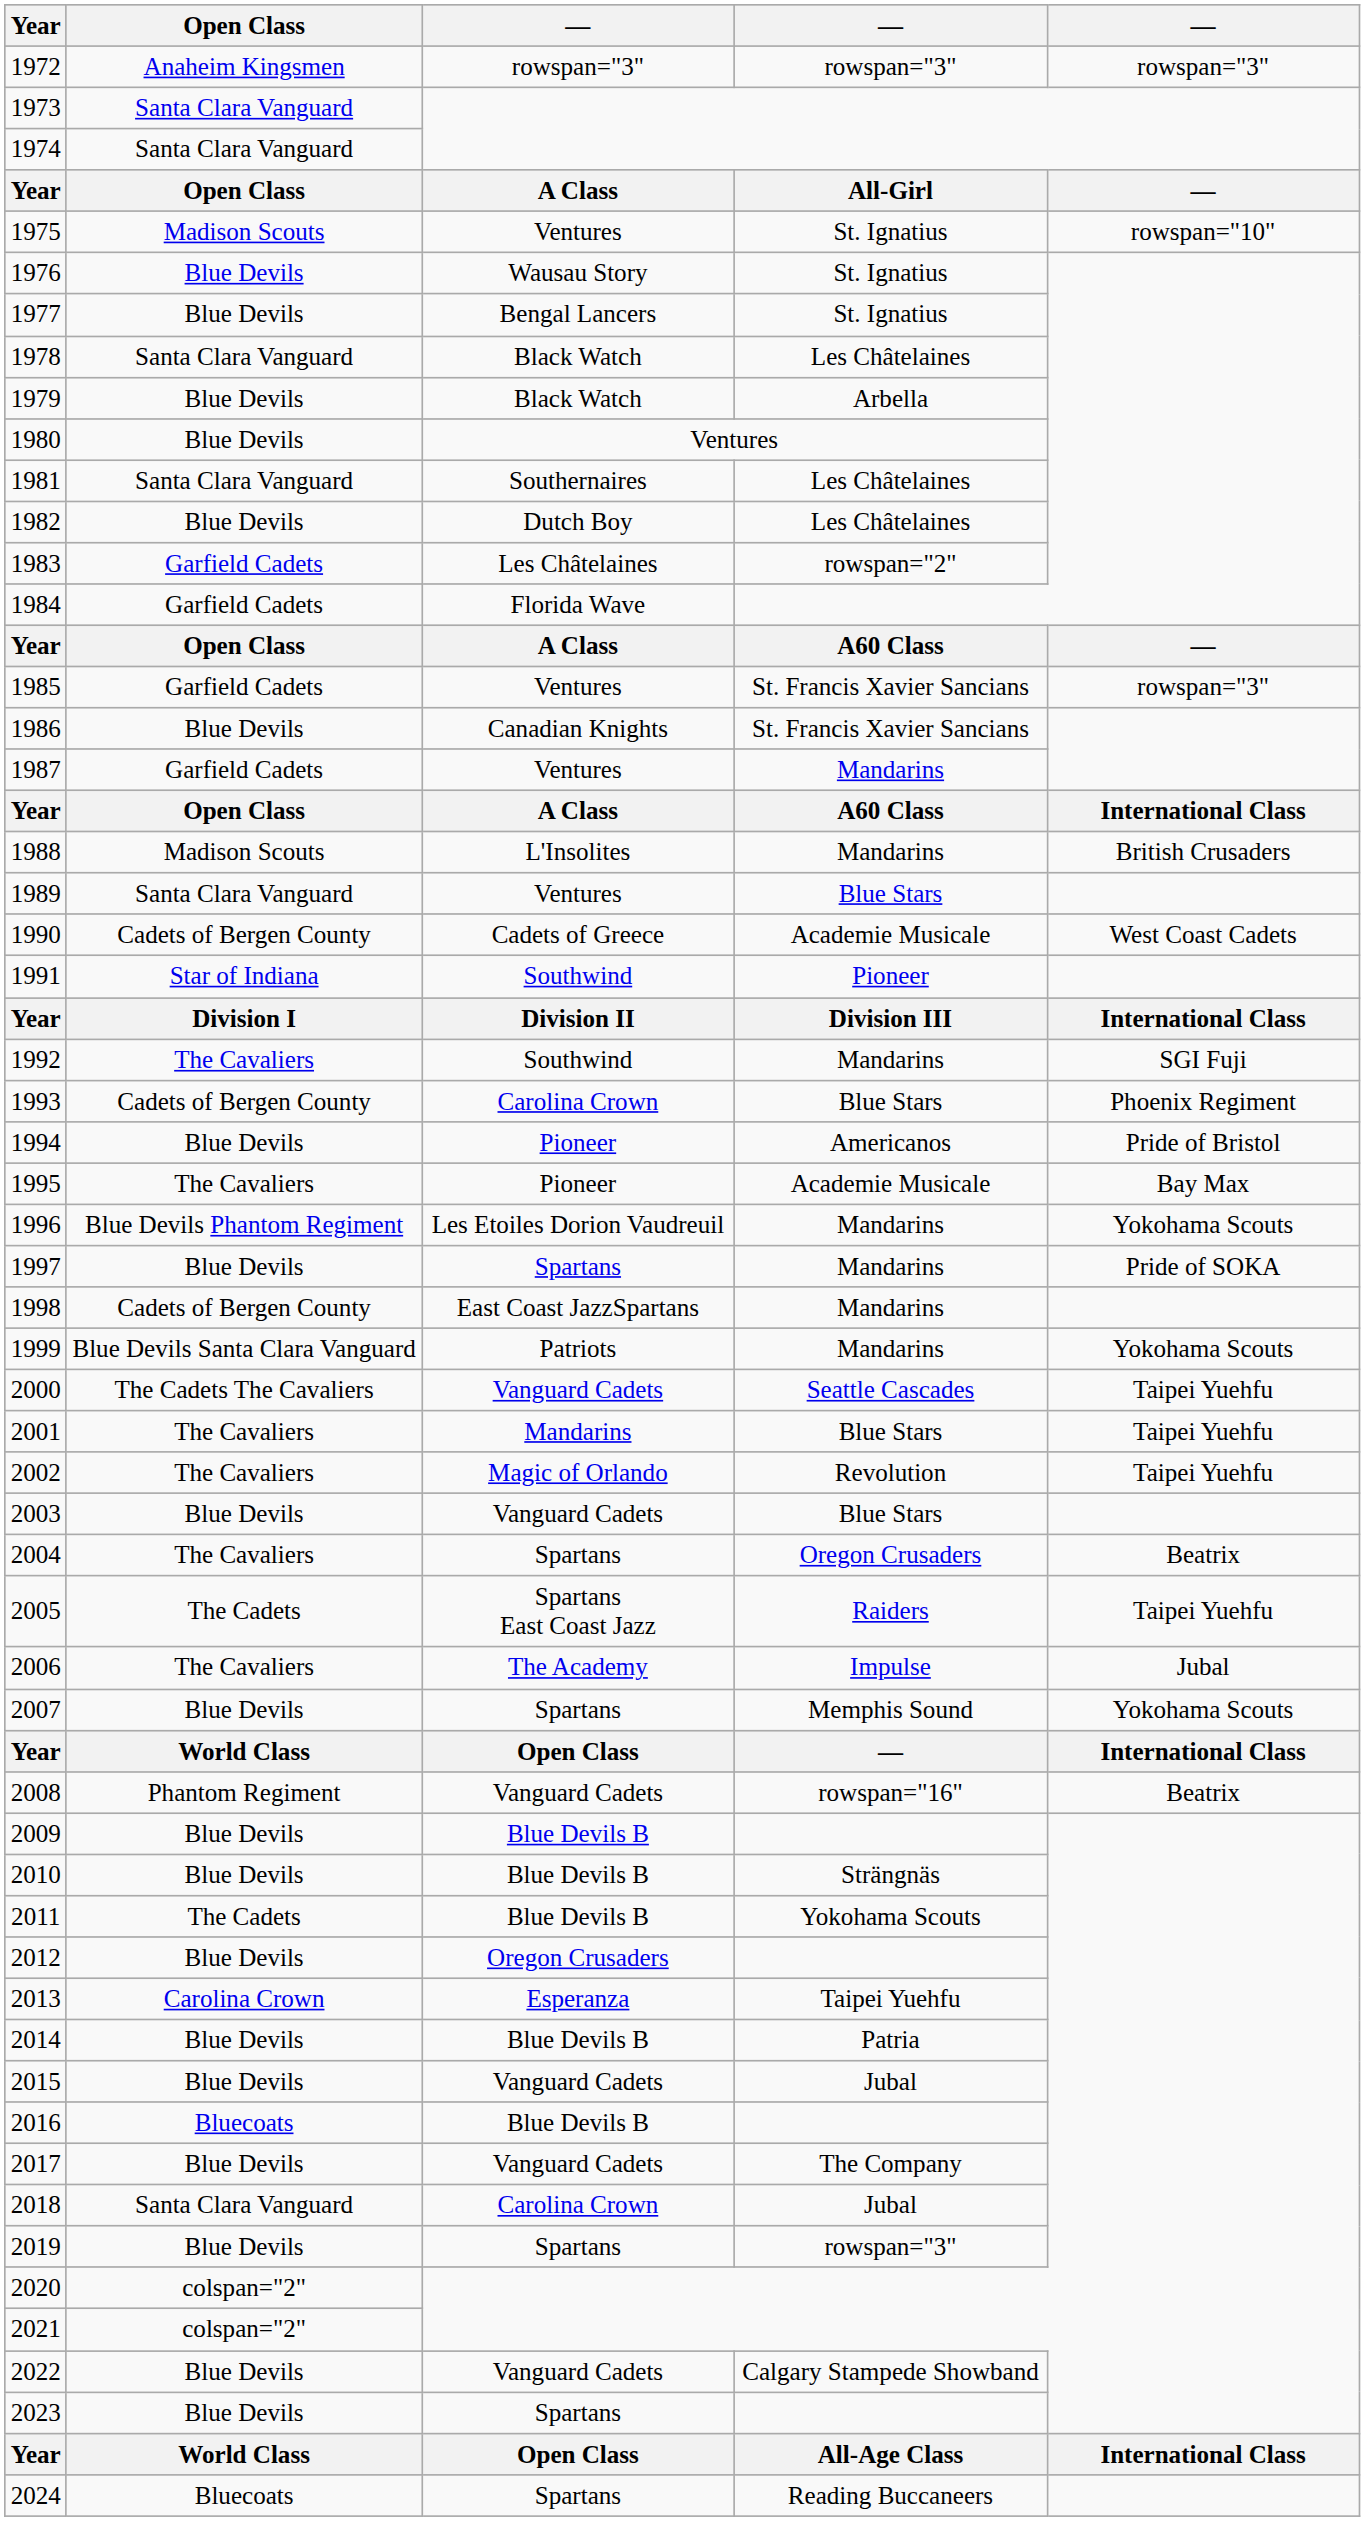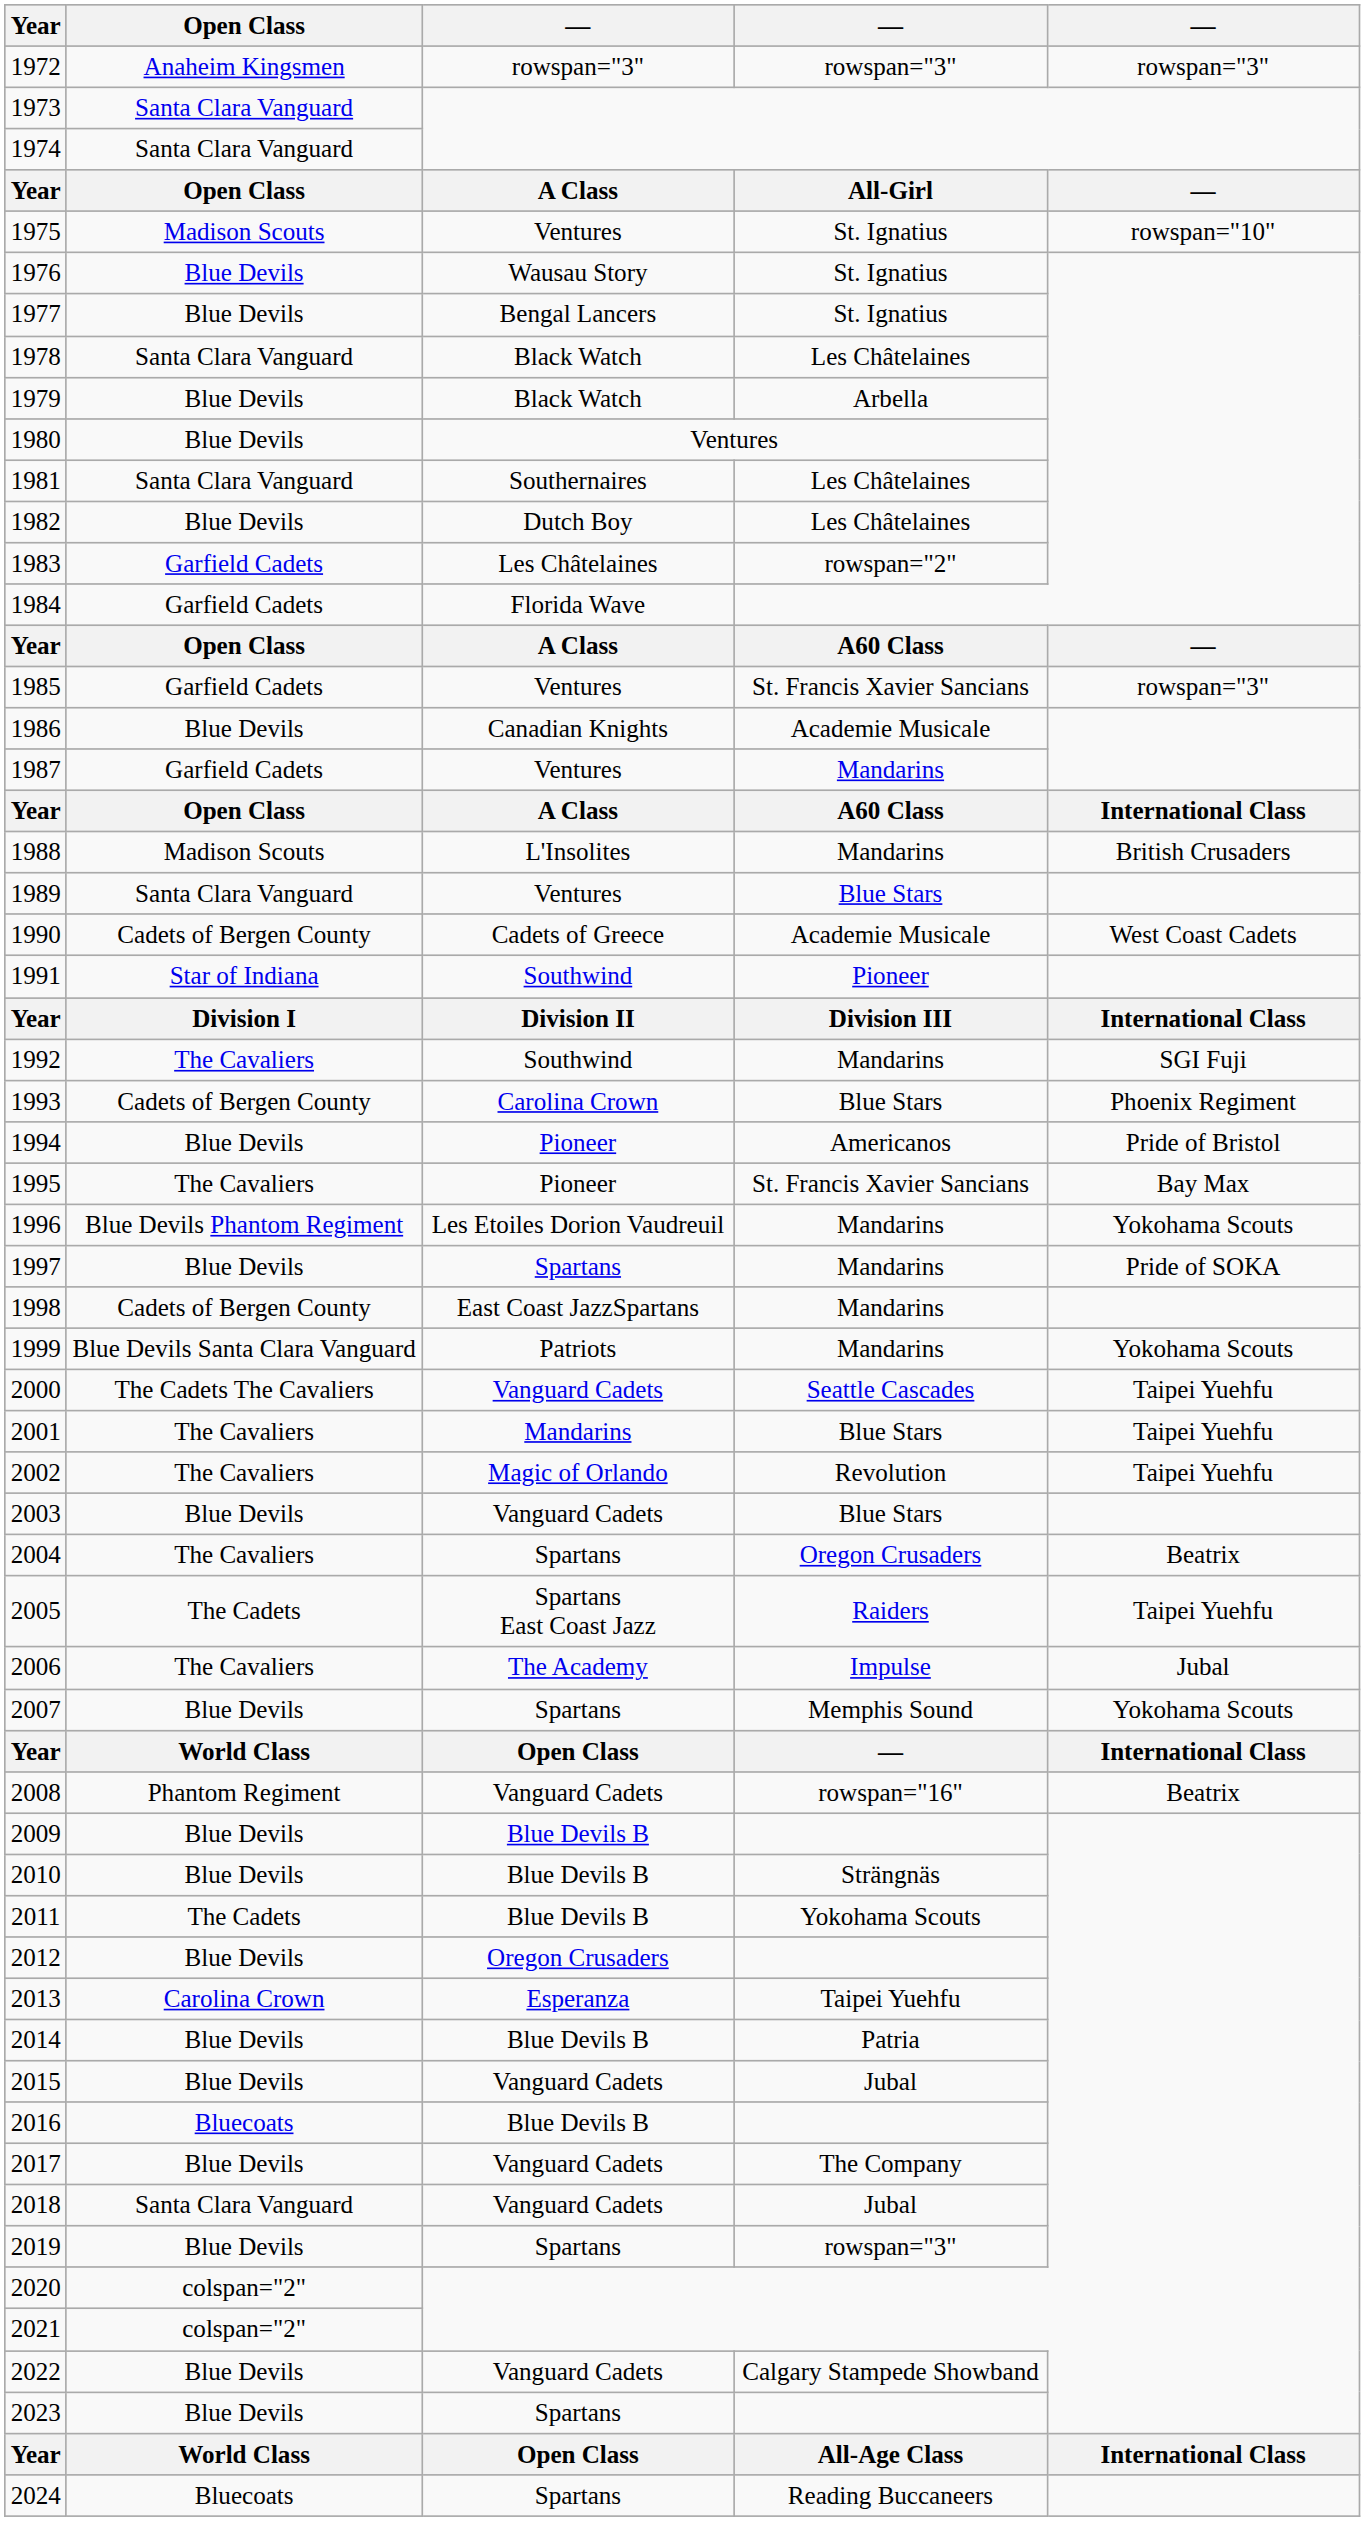 <table class="wikitable" style="font-size: 95%; text-align:center;">
 <tr>
 <th>Year</th>
 <th style="min-width: 12em;">Open Class</th>
 <th style="min-width: 12em;">—</th>
 <th style="min-width: 12em;">—</th>
 <th style="min-width: 12em;">—</th>
 </tr>
 <tr>
 <td>1972</td>
 <td><a href='#'>Anaheim Kingsmen</a></td>
 <td>rowspan="3" </td>
 <td>rowspan="3" </td>
 <td>rowspan="3" </td>
 </tr>
 <tr>
 <td>1973</td>
 <td><a href='#'>Santa Clara Vanguard</a></td>
 </tr>
 <tr>
 <td>1974</td>
 <td>Santa Clara Vanguard </td>
 </tr>
 <tr>
 <th>Year</th>
 <th>Open Class</th>
 <th>A Class</th>
 <th>All-Girl</th>
 <th>—</th>
 </tr>
 <tr>
 <td>1975</td>
 <td><a href='#'>Madison Scouts</a></td>
 <td>Ventures </td>
 <td>St. Ignatius</td>
 <td>rowspan="10" </td>
 </tr>
 <tr>
 <td>1976</td>
 <td><a href='#'>Blue Devils</a></td>
 <td>Wausau Story</td>
 <td>St. Ignatius </td>
 </tr>
 <tr>
 <td>1977</td>
 <td>Blue Devils </td>
 <td>Bengal Lancers</td>
 <td>St. Ignatius </td>
 </tr>
 <tr>
 <td>1978</td>
 <td>Santa Clara Vanguard </td>
 <td>Black Watch</td>
 <td>Les Châtelaines</td>
 </tr>
 <tr>
 <td>1979</td>
 <td>Blue Devils </td>
 <td>Black Watch</td>
 <td>Arbella</td>
 </tr>
 <tr>
 <td>1980</td>
 <td>Blue Devils </td>
 <td colspan="2">Ventures</td>
 </tr>
 <tr>
 <td>1981</td>
 <td>Santa Clara Vanguard </td>
 <td>Southernaires</td>
 <td>Les Châtelaines </td>
 </tr>
 <tr>
 <td>1982</td>
 <td>Blue Devils </td>
 <td>Dutch Boy</td>
 <td>Les Châtelaines </td>
 </tr>
 <tr>
 <td>1983</td>
 <td><a href='#'>Garfield Cadets</a></td>
 <td>Les Châtelaines</td>
 <td>rowspan="2" </td>
 </tr>
 <tr>
 <td>1984</td>
 <td>Garfield Cadets </td>
 <td>Florida Wave</td>
 </tr>
 <tr>
 <th>Year</th>
 <th>Open Class</th>
 <th>A Class</th>
 <th>A60 Class</th>
 <th>—</th>
 </tr>
 <tr>
 <td>1985</td>
 <td>Garfield Cadets </td>
 <td>Ventures </td>
 <td>St. Francis Xavier Sancians</td>
 <td>rowspan="3" </td>
 </tr>
 <tr>
 <td>1986</td>
 <td>Blue Devils </td>
 <td>Canadian Knights</td>
-<td>St. Francis Xavier Sancians </td>
+<td>Academie Musicale</td>
 </tr>
 <tr>
 <td>1987</td>
 <td>Garfield Cadets </td>
 <td>Ventures </td>
 <td><a href='#'>Mandarins</a></td>
 </tr>
 <tr>
 <th>Year</th>
 <th>Open Class</th>
 <th>A Class</th>
 <th>A60 Class</th>
 <th>International Class</th>
 </tr>
 <tr>
 <td>1988</td>
 <td>Madison Scouts </td>
 <td>L'Insolites</td>
 <td>Mandarins </td>
 <td>British Crusaders</td>
 </tr>
 <tr>
 <td>1989</td>
 <td>Santa Clara Vanguard </td>
 <td>Ventures </td>
 <td><a href='#'>Blue Stars</a></td>
 <td></td>
 </tr>
 <tr>
 <td>1990</td>
 <td>Cadets of Bergen County </td>
 <td>Cadets of Greece</td>
 <td>Academie Musicale</td>
 <td>West Coast Cadets</td>
 </tr>
 <tr>
 <td>1991</td>
 <td><a href='#'>Star of Indiana</a></td>
 <td><a href='#'>Southwind</a></td>
 <td><a href='#'>Pioneer</a></td>
 <td></td>
 </tr>
 <tr>
 <th>Year</th>
 <th>Division I</th>
 <th>Division II</th>
 <th>Division III</th>
 <th>International Class</th>
 </tr>
 <tr>
 <td>1992</td>
 <td><a href='#'>The Cavaliers</a></td>
 <td>Southwind </td>
 <td>Mandarins </td>
 <td>SGI Fuji</td>
 </tr>
 <tr>
 <td>1993</td>
 <td>Cadets of Bergen County </td>
 <td><a href='#'>Carolina Crown</a></td>
 <td>Blue Stars </td>
 <td>Phoenix Regiment</td>
 </tr>
 <tr>
 <td>1994</td>
 <td>Blue Devils </td>
 <td><a href='#'>Pioneer</a></td>
 <td>Americanos</td>
 <td>Pride of Bristol</td>
 </tr>
 <tr>
 <td>1995</td>
 <td>The Cavaliers </td>
 <td>Pioneer </td>
-<td>Academie Musicale</td>
+<td>St. Francis Xavier Sancians </td>
 <td>Bay Max</td>
 </tr>
 <tr>
 <td>1996</td>
 <td>Blue Devils <em></em><a href='#'>Phantom Regiment</a></td>
 <td>Les Etoiles Dorion Vaudreuil</td>
 <td>Mandarins </td>
 <td>Yokohama Scouts</td>
 </tr>
 <tr>
 <td>1997</td>
 <td>Blue Devils </td>
 <td><a href='#'>Spartans</a></td>
 <td>Mandarins </td>
 <td>Pride of SOKA</td>
 </tr>
 <tr>
 <td>1998</td>
 <td>Cadets of Bergen County </td>
 <td>East Coast Jazz<em></em>Spartans </td>
 <td>Mandarins </td>
 <td></td>
 </tr>
 <tr>
 <td>1999</td>
 <td>Blue Devils <em></em>Santa Clara Vanguard </td>
 <td>Patriots</td>
 <td>Mandarins </td>
 <td>Yokohama Scouts </td>
 </tr>
 <tr>
 <td>2000</td>
 <td>The Cadets <em></em>The Cavaliers </td>
 <td><a href='#'>Vanguard Cadets</a></td>
 <td><a href='#'>Seattle Cascades</a></td>
 <td>Taipei Yuehfu</td>
 </tr>
 <tr>
 <td>2001</td>
 <td>The Cavaliers </td>
 <td><a href='#'>Mandarins</a></td>
 <td>Blue Stars </td>
 <td>Taipei Yuehfu </td>
 </tr>
 <tr>
 <td>2002</td>
 <td>The Cavaliers </td>
 <td><a href='#'>Magic of Orlando</a></td>
 <td>Revolution</td>
 <td>Taipei Yuehfu </td>
 </tr>
 <tr>
 <td>2003</td>
 <td>Blue Devils </td>
 <td>Vanguard Cadets </td>
 <td>Blue Stars </td>
 <td></td>
 </tr>
 <tr>
 <td>2004</td>
 <td>The Cavaliers </td>
 <td>Spartans </td>
 <td><a href='#'>Oregon Crusaders</a></td>
 <td>Beatrix</td>
 </tr>
 <tr>
 <td>2005</td>
 <td>The Cadets </td>
 <td>Spartans <br> East Coast Jazz</td>
 <td><a href='#'>Raiders</a></td>
 <td>Taipei Yuehfu </td>
 </tr>
 <tr>
 <td>2006</td>
 <td>The Cavaliers </td>
 <td><a href='#'>The Academy</a></td>
 <td><a href='#'>Impulse</a></td>
 <td>Jubal</td>
 </tr>
 <tr>
 <td>2007</td>
 <td>Blue Devils </td>
 <td>Spartans </td>
 <td>Memphis Sound</td>
 <td>Yokohama Scouts </td>
 </tr>
 <tr>
 <th>Year</th>
 <th>World Class</th>
 <th>Open Class</th>
 <th>—</th>
 <th>International Class</th>
 </tr>
 <tr>
 <td>2008</td>
 <td>Phantom Regiment </td>
 <td>Vanguard Cadets </td>
 <td>rowspan="16" </td>
 <td>Beatrix </td>
 </tr>
 <tr>
 <td>2009</td>
 <td>Blue Devils </td>
 <td><a href='#'>Blue Devils B</a></td>
 <td></td>
 </tr>
 <tr>
 <td>2010</td>
 <td>Blue Devils </td>
 <td>Blue Devils B </td>
 <td>Strängnäs</td>
 </tr>
 <tr>
 <td>2011</td>
 <td>The Cadets </td>
 <td>Blue Devils B </td>
 <td>Yokohama Scouts </td>
 </tr>
 <tr>
 <td>2012</td>
 <td>Blue Devils </td>
 <td><a href='#'>Oregon Crusaders</a></td>
 <td></td>
 </tr>
 <tr>
 <td>2013</td>
 <td><a href='#'>Carolina Crown</a></td>
 <td><a href='#'>Esperanza</a></td>
 <td>Taipei Yuehfu </td>
 </tr>
 <tr>
 <td>2014</td>
 <td>Blue Devils </td>
 <td>Blue Devils B </td>
 <td>Patria</td>
 </tr>
 <tr>
 <td>2015</td>
 <td>Blue Devils </td>
 <td>Vanguard Cadets </td>
 <td>Jubal </td>
 </tr>
 <tr>
 <td>2016</td>
 <td><a href='#'>Bluecoats</a></td>
 <td>Blue Devils B </td>
 <td></td>
 </tr>
 <tr>
 <td>2017</td>
 <td>Blue Devils </td>
 <td>Vanguard Cadets </td>
 <td>The Company</td>
 </tr>
 <tr>
 <td>2018</td>
 <td>Santa Clara Vanguard </td>
-<td><a href='#'>Carolina Crown</a></td>
+<td>Vanguard Cadets </td>
 <td>Jubal </td>
 </tr>
 <tr>
 <td>2019</td>
 <td>Blue Devils </td>
 <td>Spartans </td>
 <td>rowspan="3" </td>
 </tr>
 <tr>
 <td>2020</td>
 <td>colspan="2" </td>
 </tr>
 <tr>
 <td>2021</td>
 <td>colspan="2" </td>
 </tr>
 <tr>
 <td>2022</td>
 <td>Blue Devils </td>
 <td>Vanguard Cadets </td>
 <td>Calgary Stampede Showband</td>
 </tr>
 <tr>
 <td>2023</td>
 <td>Blue Devils </td>
 <td>Spartans </td>
 <td></td>
 </tr>
 <tr>
 <th>Year</th>
 <th>World Class</th>
 <th>Open Class</th>
 <th>All-Age Class</th>
 <th>International Class</th>
 </tr>
 <tr>
 <td>2024</td>
 <td>Bluecoats </td>
 <td>Spartans </td>
 <td>Reading Buccaneers</td>
 <td></td>
 </tr>
 </table>
